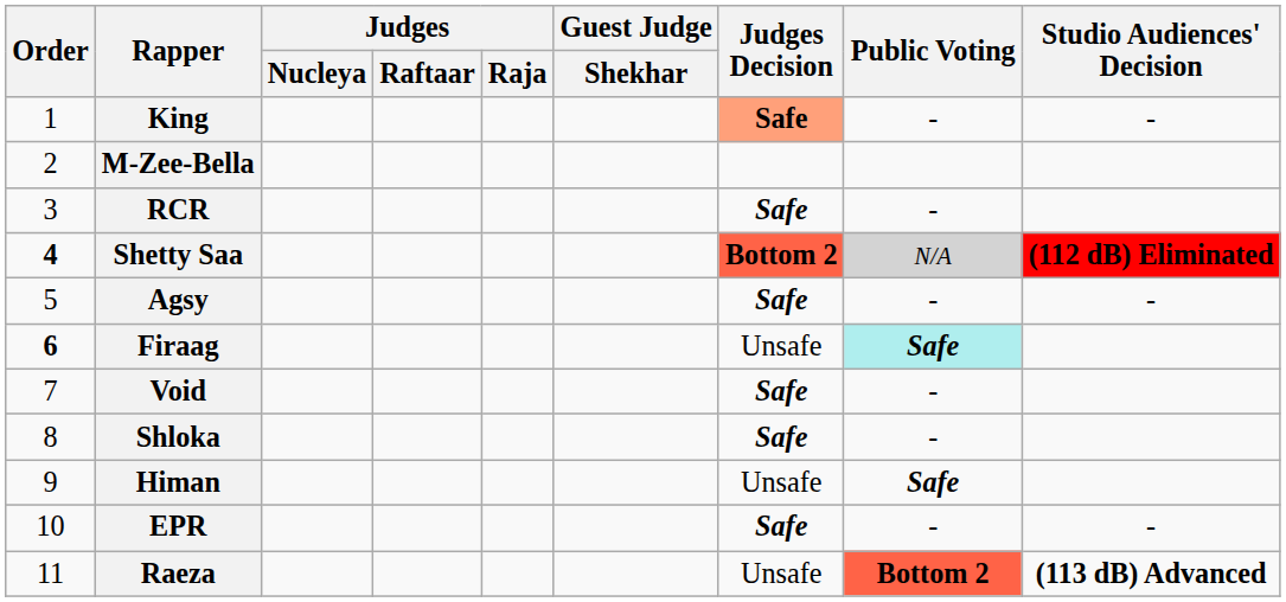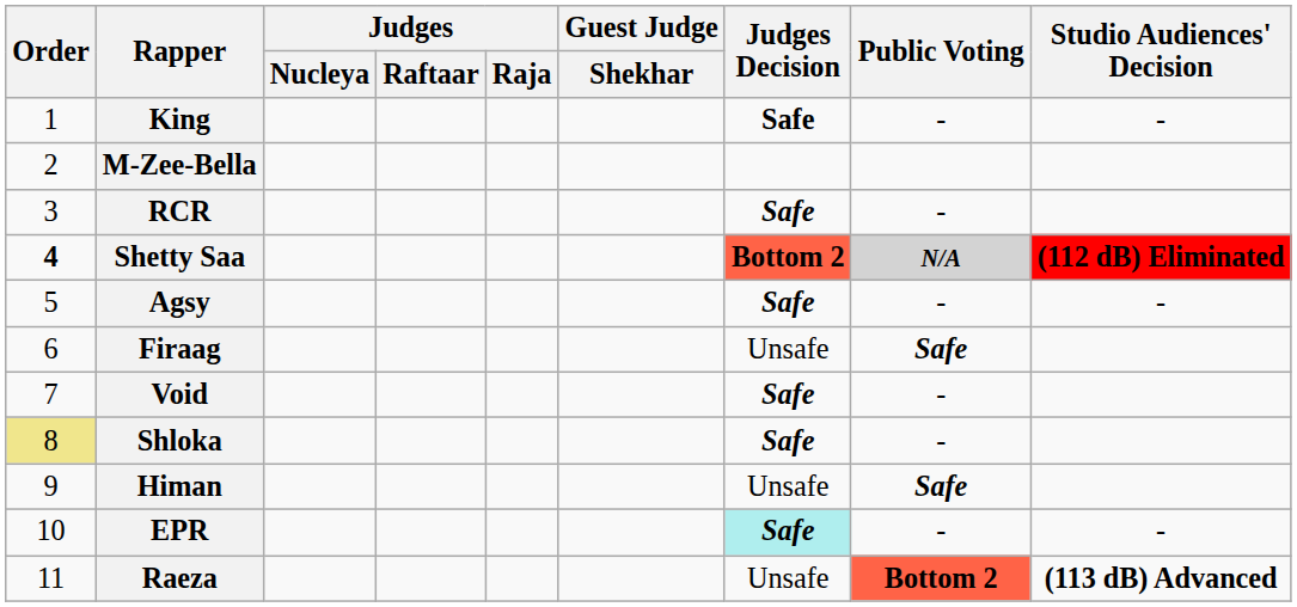 <table class="wikitable" style="text-align:center">
 <tr>
 <th rowspan="2">Order</th>
 <th rowspan="2">Rapper</th>
 <th colspan="3">Judges</th>
 <th>Guest Judge</th>
 <th rowspan="2">Judges<br>Decision</th>
 <th rowspan="2">Public Voting</th>
 <th rowspan="2">Studio Audiences'<br>Decision</th>
 </tr>
 <tr>
 <th>Nucleya</th>
 <th>Raftaar</th>
 <th>Raja</th>
 <th>Shekhar</th>
 </tr>
 <tr>
 <td>1</td>
 <th>King</th>
 <td></td>
 <td></td>
 <td></td>
 <td></td>
-<td style="background: lightsalmon;"><strong>Safe</strong></td>
+<td><strong>Safe</strong></td>
 <td>-</td>
 <td>-</td>
 </tr>
 <tr>
 <td>2</td>
 <th>M-Zee-Bella</th>
 <td></td>
 <td></td>
 <td></td>
 <td></td>
 <td><strong></strong></td>
 <td></td>
 <td></td>
 </tr>
 <tr>
 <td>3</td>
 <th>RCR</th>
 <td></td>
 <td></td>
 <td></td>
 <td></td>
 <td><strong><em>Safe</em></strong></td>
 <td>-</td>
 <td></td>
 </tr>
 <tr>
 <td><strong>4</strong></td>
 <th>Shetty Saa</th>
 <td></td>
 <td></td>
 <td></td>
 <td></td>
 <td bgcolor="tomato"><strong>Bottom 2</strong> </td>
-<td bgcolor="lightgray"><small><em>N/A</em></small></td>
+<td bgcolor="lightgray"><strong><small><em>N/A</em></small></strong></td>
 <td bgcolor="red"><strong>(112 dB) Eliminated</strong></td>
 </tr>
 <tr>
 <td>5</td>
 <th>Agsy</th>
 <td></td>
 <td></td>
 <td></td>
 <td></td>
 <td><strong><em>Safe</em></strong></td>
 <td>-</td>
 <td>-</td>
 </tr>
 <tr>
-<td><strong>6</strong></td>
+<td>6</td>
 <th>Firaag</th>
 <td></td>
 <td></td>
 <td></td>
 <td></td>
 <td>Unsafe</td>
-<td style="background: paleturquoise;"><strong><em>Safe</em></strong></td>
+<td><strong><em>Safe</em></strong></td>
 <td></td>
 </tr>
 <tr>
 <td>7</td>
 <th>Void</th>
 <td></td>
 <td></td>
 <td></td>
 <td></td>
 <td><strong><em>Safe</em></strong></td>
 <td>-</td>
 <td></td>
 </tr>
 <tr>
-<td>8</td>
+<td style="background: khaki;">8</td>
 <th>Shloka</th>
 <td></td>
 <td></td>
 <td></td>
 <td></td>
 <td><strong><em>Safe</em></strong></td>
 <td>-</td>
 <td></td>
 </tr>
 <tr>
 <td>9</td>
 <th>Himan</th>
 <td></td>
 <td></td>
 <td></td>
 <td></td>
 <td>Unsafe</td>
 <td><strong><em>Safe</em></strong></td>
 <td></td>
 </tr>
 <tr>
 <td>10</td>
 <th>EPR</th>
 <td></td>
 <td></td>
 <td></td>
 <td></td>
-<td><strong><em>Safe</em></strong></td>
+<td style="background: paleturquoise;"><strong><em>Safe</em></strong></td>
 <td>-</td>
 <td>-</td>
 </tr>
 <tr>
 <td>11</td>
 <th>Raeza</th>
 <td></td>
 <td></td>
 <td></td>
 <td></td>
 <td>Unsafe</td>
 <td bgcolor="tomato"><strong>Bottom 2</strong></td>
 <td><strong>(113 dB) Advanced</strong></td>
 </tr>
 </table>
